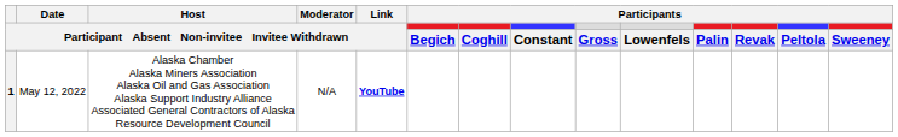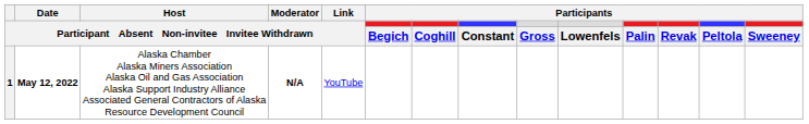 <table class="wikitable" style="text-align:center;">
 <tr style="font-size:small;">
 <th scope="col"></th>
 <th scope="col">Date</th>
 <th scope="col">Host</th>
 <th scope="col">Moderator</th>
 <th scope="col">Link</th>
 <th scope="col" colspan="9">Participants</th>
 </tr>
 <tr>
 <th colspan="5" rowspan="2"> <small>Participant  </small> <small>Absent  </small> <small>Non-invitee  </small> <small>Invitee Withdrawn</small></th>
 <th scope="col" style="background:#E81B23;"></th>
 <th scope="col" style="background:#E81B23;"></th>
 <th scope="col" style="background:#33f;"></th>
 <th scope="col" style="background:#dcdcdc;"></th>
 <th scope="col" style="background:#dcdcdc;"></th>
 <th scope="col" style="background:#E81B23;"></th>
 <th scope="col" style="background:#E81B23;"></th>
 <th scope="col" style="background:#33f;"></th>
 <th scope="col" style="background:#E81B23;"></th>
 </tr>
 <tr>
 <th scope="col"><a href='#'>Begich</a></th>
 <th scope="col"><a href='#'>Coghill</a></th>
 <th scope="col">Constant</th>
 <th scope="col"><a href='#'>Gross</a></th>
 <th scope="col">Lowenfels</th>
 <th scope="col"><a href='#'>Palin</a></th>
 <th scope="col"><a href='#'>Revak</a></th>
 <th scope="col"><a href='#'>Peltola</a></th>
 <th scope="col"><a href='#'>Sweeney</a></th>
 </tr>
 <tr style="background:#fff; font-size:small;">
 <th scope="row">1</th>
-<td style="white-space:nowrap;">May 12, 2022</td>
+<td style="white-space:nowrap;"><strong>May 12, 2022</strong></td>
 <td style="white-space:nowrap;">Alaska Chamber<br>Alaska Miners Association<br>Alaska Oil and Gas Association<br>Alaska Support Industry Alliance<br>Associated General Contractors of Alaska<br>Resource Development Council</td>
-<td style="white-space:nowrap;">N/A</td>
-<td style="white-space:nowrap;"><strong><a href='#'>YouTube</a></strong></td>
+<td style="white-space:nowrap;"><strong>N/A</strong></td>
+<td style="white-space:nowrap;"><a href='#'>YouTube</a></td>
 <td></td>
 <td></td>
 <td></td>
 <td></td>
 <td></td>
 <td></td>
 <td></td>
 <td></td>
 <td></td>
 </tr>
 </table>
